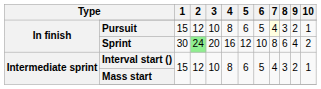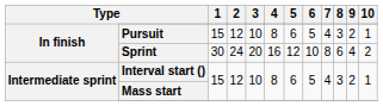 <table class="wikitable plainrowheaders" style="text-align: center">
 <tr>
 <th scope="col" colspan="2">Type</th>
 <th scope="col">1</th>
 <th scope="col">2</th>
 <th scope="col">3</th>
 <th scope="col">4</th>
 <th scope="col">5</th>
 <th scope="col">6</th>
 <th scope="col">7</th>
 <th scope="col">8</th>
 <th scope="col">9</th>
 <th scope="col">10</th>
 </tr>
 <tr>
 <th scope="row" rowspan=3>In finish</th>
 </tr>
 <tr>
 <th scope="row" style="text-align:left;">Pursuit</th>
 <td>15</td>
 <td>12</td>
 <td>10</td>
 <td>8</td>
 <td>6</td>
 <td>5</td>
-<td style="background: lightyellow;">4</td>
+<td>4</td>
 <td>3</td>
 <td>2</td>
 <td>1</td>
 </tr>
 <tr>
 <th scope="row" style="text-align:left;">Sprint</th>
 <td>30</td>
-<td style="background: lightgreen;">24</td>
+<td>24</td>
 <td>20</td>
 <td>16</td>
 <td>12</td>
 <td>10</td>
 <td>8</td>
 <td>6</td>
 <td>4</td>
 <td>2</td>
 </tr>
 <tr>
 <th scope="row" rowspan=3>Intermediate sprint</th>
 <th scope="row" style="text-align:left;">Interval start ()</th>
 <td rowspan=2>15</td>
 <td rowspan=2>12</td>
 <td rowspan=2>10</td>
 <td rowspan=2>8</td>
 <td rowspan=2>6</td>
 <td rowspan=2>5</td>
 <td rowspan=2>4</td>
 <td rowspan=2>3</td>
 <td rowspan=2>2</td>
 <td rowspan=2>1</td>
 </tr>
 <tr>
 <th scope="row" style="text-align:left;">Mass start</th>
 </tr>
 <tr>
 </tr>
 </table>
